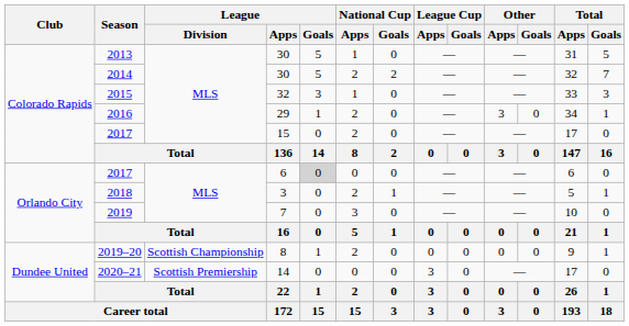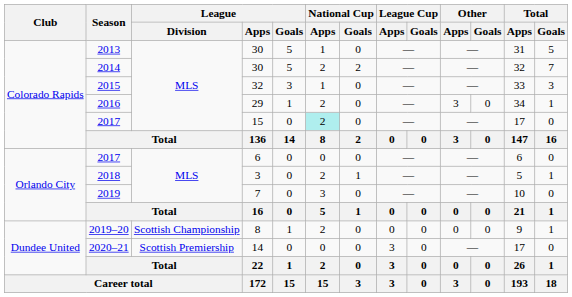 <table class="wikitable" style="text-align: center;">
 <tr>
 <th rowspan="2">Club</th>
 <th rowspan="2">Season</th>
 <th colspan="3">League</th>
 <th colspan="2">National Cup</th>
 <th colspan="2">League Cup</th>
 <th colspan="2">Other</th>
 <th colspan="2">Total</th>
 </tr>
 <tr>
 <th>Division</th>
 <th>Apps</th>
 <th>Goals</th>
 <th>Apps</th>
 <th>Goals</th>
 <th>Apps</th>
 <th>Goals</th>
 <th>Apps</th>
 <th>Goals</th>
 <th>Apps</th>
 <th>Goals</th>
 </tr>
 <tr>
 <td rowspan="6"><a href='#'>Colorado Rapids</a></td>
 <td><a href='#'>2013</a></td>
 <td rowspan="5"><a href='#'>MLS</a></td>
 <td>30</td>
 <td>5</td>
 <td>1</td>
 <td>0</td>
 <td colspan="2">—</td>
 <td colspan="2">—</td>
 <td>31</td>
 <td>5</td>
 </tr>
 <tr>
 <td><a href='#'>2014</a></td>
 <td>30</td>
 <td>5</td>
 <td>2</td>
 <td>2</td>
 <td colspan="2">—</td>
 <td colspan="2">—</td>
 <td>32</td>
 <td>7</td>
 </tr>
 <tr>
 <td><a href='#'>2015</a></td>
 <td>32</td>
 <td>3</td>
 <td>1</td>
 <td>0</td>
 <td colspan="2">—</td>
 <td colspan="2">—</td>
 <td>33</td>
 <td>3</td>
 </tr>
 <tr>
 <td><a href='#'>2016</a></td>
 <td>29</td>
 <td>1</td>
 <td>2</td>
 <td>0</td>
 <td colspan="2">—</td>
 <td>3</td>
 <td>0</td>
 <td>34</td>
 <td>1</td>
 </tr>
 <tr>
 <td><a href='#'>2017</a></td>
 <td>15</td>
 <td>0</td>
-<td>2</td>
+<td style="background: paleturquoise;">2</td>
 <td>0</td>
 <td colspan="2">—</td>
 <td colspan="2">—</td>
 <td>17</td>
 <td>0</td>
 </tr>
 <tr>
 <th colspan="2">Total</th>
 <th>136</th>
 <th>14</th>
 <th>8</th>
 <th>2</th>
 <th>0</th>
 <th>0</th>
 <th>3</th>
 <th>0</th>
 <th>147</th>
 <th>16</th>
 </tr>
 <tr>
 <td rowspan="4"><a href='#'>Orlando City</a></td>
 <td><a href='#'>2017</a></td>
 <td rowspan="3"><a href='#'>MLS</a></td>
 <td>6</td>
-<td style="background: lightgrey;">0</td>
+<td>0</td>
 <td 0>0</td>
 <td>0</td>
 <td colspan="2">—</td>
 <td colspan="2">—</td>
 <td>6</td>
 <td>0</td>
 </tr>
 <tr>
 <td><a href='#'>2018</a></td>
 <td>3</td>
 <td>0</td>
 <td>2</td>
 <td>1</td>
 <td colspan="2">—</td>
 <td colspan="2">—</td>
 <td>5</td>
 <td>1</td>
 </tr>
 <tr>
 <td><a href='#'>2019</a></td>
 <td>7</td>
 <td>0</td>
 <td>3</td>
 <td>0</td>
 <td colspan="2">—</td>
 <td colspan="2">—</td>
 <td>10</td>
 <td>0</td>
 </tr>
 <tr>
 <th colspan="2">Total</th>
 <th>16</th>
 <th>0</th>
 <th>5</th>
 <th>1</th>
 <th>0</th>
 <th>0</th>
 <th>0</th>
 <th>0</th>
 <th>21</th>
 <th>1</th>
 </tr>
 <tr>
 <td rowspan="3"><a href='#'>Dundee United</a></td>
 <td><a href='#'>2019–20</a></td>
 <td><a href='#'>Scottish Championship</a></td>
 <td>8</td>
 <td>1</td>
 <td>2</td>
 <td>0</td>
 <td>0</td>
 <td>0</td>
 <td>0</td>
 <td>0</td>
 <td>9</td>
 <td>1</td>
 </tr>
 <tr>
 <td><a href='#'>2020–21</a></td>
 <td><a href='#'>Scottish Premiership</a></td>
 <td>14</td>
 <td>0</td>
 <td>0</td>
 <td>0</td>
 <td>3</td>
 <td>0</td>
 <td colspan=2>—</td>
 <td>17</td>
 <td>0</td>
 </tr>
 <tr>
 <th colspan=2>Total</th>
 <th>22</th>
 <th>1</th>
 <th>2</th>
 <th>0</th>
 <th>3</th>
 <th>0</th>
 <th>0</th>
 <th>0</th>
 <th>26</th>
 <th>1</th>
 </tr>
 <tr>
 <th colspan="3">Career total</th>
 <th>172</th>
 <th>15</th>
 <th>15</th>
 <th>3</th>
 <th>3</th>
 <th>0</th>
 <th>3</th>
 <th>0</th>
 <th>193</th>
 <th>18</th>
 </tr>
 </table>
